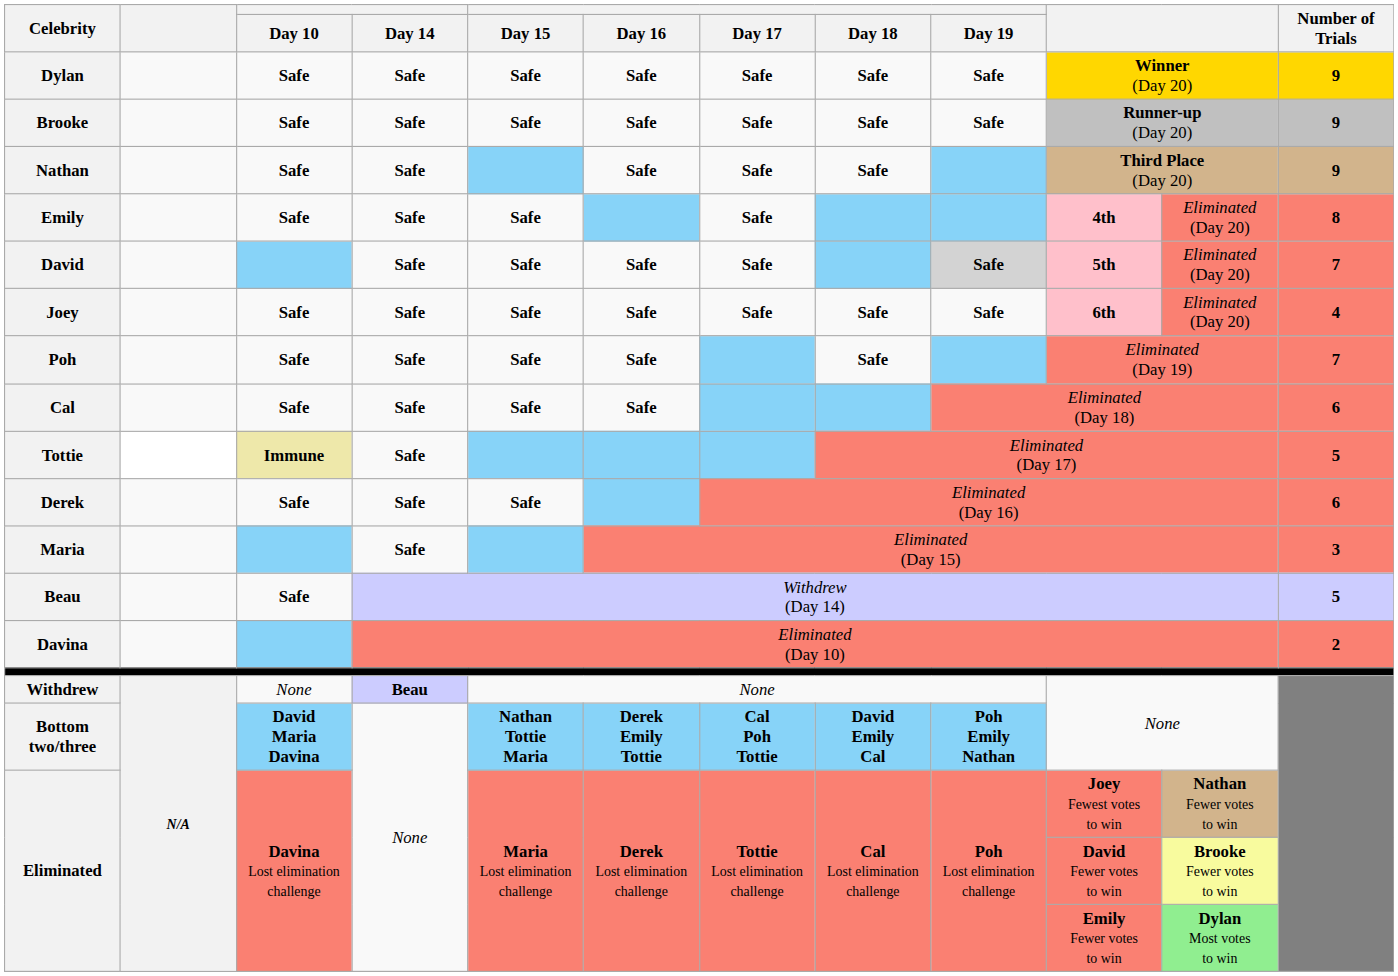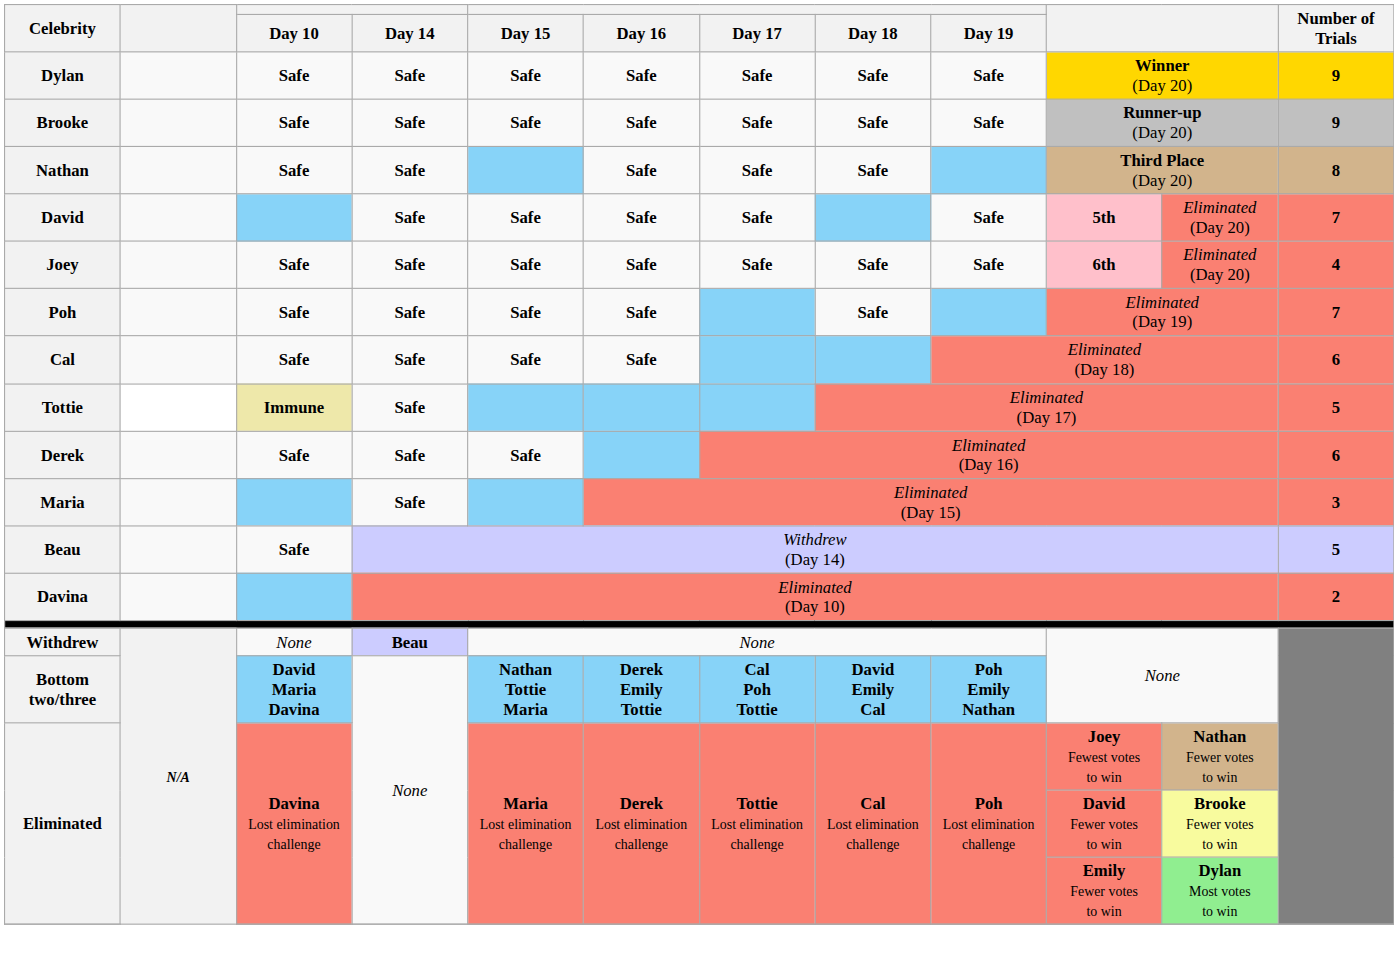 <table class="wikitable" style="text-align:center; font-size:95%; width:100%;">
 <tr>
 <th style="width:8%" rowspan=2>Celebrity</th>
 <th rowspan="2" style="width:8%"></th>
 <th colspan="2" style="width:8%"></th>
 <th colspan="5" style="width:8%"></th>
 <th rowspan="2" colspan="2" style="width:16%"></th>
 <th rowspan="2" style="width:8%">Number of Trials</th>
 </tr>
 <tr>
 <th style="width:8%">Day 10</th>
 <th style="width:8%">Day 14</th>
 <th style="width:8%">Day 15</th>
 <th style="width:8%">Day 16</th>
 <th style="width:8%">Day 17</th>
 <th style="width:8%">Day 18</th>
 <th style="width:8%">Day 19</th>
 </tr>
 <tr>
 <th>Dylan</th>
 <td></td>
 <td><strong>Safe</strong></td>
 <td><strong>Safe</strong></td>
 <td><strong>Safe</strong></td>
 <td><strong>Safe</strong></td>
 <td><strong>Safe</strong></td>
 <td><strong>Safe</strong></td>
 <td><strong>Safe</strong></td>
 <td style="background:gold" colspan=2><strong>Winner</strong><br>(Day 20)</td>
 <td style=background:gold><strong>9</strong></td>
 </tr>
 <tr>
 <th>Brooke</th>
 <td></td>
 <td><strong>Safe</strong></td>
 <td><strong>Safe</strong></td>
 <td><strong>Safe</strong></td>
 <td><strong>Safe</strong></td>
 <td><strong>Safe</strong></td>
 <td><strong>Safe</strong></td>
 <td><strong>Safe</strong></td>
 <td style="background:silver" colspan=2><strong>Runner-up</strong><br>(Day 20)</td>
 <td style=background:silver><strong>9</strong></td>
 </tr>
 <tr>
 <th>Nathan</th>
 <td></td>
 <td><strong>Safe</strong></td>
 <td><strong>Safe</strong></td>
 <td style="background:#87D3F8"></td>
 <td><strong>Safe</strong></td>
 <td><strong>Safe</strong></td>
 <td><strong>Safe</strong></td>
 <td style="background:#87D3F8"></td>
 <td style="background:tan" colspan=2><strong>Third Place</strong><br>(Day 20)</td>
-<td style=background:tan><strong>9</strong></td>
-</tr>
-<tr>
-<th>Emily</th>
-<td></td>
-<td><strong>Safe</strong></td>
-<td><strong>Safe</strong></td>
-<td><strong>Safe</strong></td>
-<td style="background:#87D3F8"></td>
-<td><strong>Safe</strong></td>
-<td style="background:#87D3F8"></td>
-<td style="background:#87D3F8"></td>
-<td style=background:pink><strong>4th</strong></td>
-<td style=background:salmon><em>Eliminated</em><br>(Day 20)</td>
-<td style=background:salmon><strong>8</strong></td>
+<td style=background:tan><strong>8</strong></td>
 </tr>
 <tr>
 <th>David</th>
 <td></td>
 <td style="background:#87D3F8"></td>
 <td><strong>Safe</strong></td>
 <td><strong>Safe</strong></td>
 <td><strong>Safe</strong></td>
 <td><strong>Safe</strong></td>
 <td style="background:#87D3F8"></td>
-<td style="background: lightgrey;"><strong>Safe</strong></td>
+<td><strong>Safe</strong></td>
 <td style=background:pink><strong>5th</strong></td>
 <td style=background:salmon><em>Eliminated</em><br>(Day 20)</td>
 <td style=background:salmon><strong>7</strong></td>
 </tr>
 <tr>
 <th>Joey</th>
 <td></td>
 <td><strong>Safe</strong></td>
 <td><strong>Safe</strong></td>
 <td><strong>Safe</strong></td>
 <td><strong>Safe</strong></td>
 <td><strong>Safe</strong></td>
 <td><strong>Safe</strong></td>
 <td><strong>Safe</strong></td>
 <td style=background:pink><strong>6th</strong></td>
 <td style=background:salmon><em>Eliminated</em><br>(Day 20)</td>
 <td style=background:salmon><strong>4</strong></td>
 </tr>
 <tr>
 <th>Poh</th>
 <td></td>
 <td><strong>Safe</strong></td>
 <td><strong>Safe</strong></td>
 <td><strong>Safe</strong></td>
 <td><strong>Safe</strong></td>
 <td style="background:#87D3F8"></td>
 <td><strong>Safe</strong></td>
 <td style="background:#87D3F8"></td>
 <td colspan="2" style=background:salmon><em>Eliminated</em><br>(Day 19)</td>
 <td style=background:salmon><strong>7</strong></td>
 </tr>
 <tr>
 <th>Cal</th>
 <td></td>
 <td><strong>Safe</strong></td>
 <td><strong>Safe</strong></td>
 <td><strong>Safe</strong></td>
 <td><strong>Safe</strong></td>
 <td style="background:#87D3F8"></td>
 <td style="background:#87D3F8"></td>
 <td colspan="3" style=background:salmon><em>Eliminated</em><br>(Day 18)</td>
 <td style=background:salmon><strong>6</strong></td>
 </tr>
 <tr>
 <th>Tottie</th>
 <td style=background:white; colspan="1"><em></em></td>
 <td bgcolor=#EEE8AA><strong>Immune</strong></td>
 <td><strong>Safe</strong></td>
 <td style="background:#87D3F8"></td>
 <td style="background:#87D3F8"></td>
 <td style="background:#87D3F8"></td>
 <td colspan="4" style=background:salmon><em>Eliminated</em><br>(Day 17)</td>
 <td style=background:salmon><strong>5</strong></td>
 </tr>
 <tr>
 <th>Derek</th>
 <td></td>
 <td><strong>Safe</strong></td>
 <td><strong>Safe</strong></td>
 <td><strong>Safe</strong></td>
 <td style="background:#87D3F8"></td>
 <td colspan="5" style=background:salmon><em>Eliminated</em><br>(Day 16)</td>
 <td style=background:salmon><strong>6</strong></td>
 </tr>
 <tr>
 <th>Maria</th>
 <td></td>
 <td style="background:#87D3F8"></td>
 <td><strong>Safe</strong></td>
 <td style="background:#87D3F8"></td>
 <td colspan="6" style=background:salmon><em>Eliminated</em><br>(Day 15)</td>
 <td style=background:salmon><strong>3</strong></td>
 </tr>
 <tr>
 <th>Beau</th>
 <td></td>
 <td><strong>Safe</strong></td>
 <td style="background:#ccf; text-align:center;" colspan="8"><em>Withdrew</em><br>(Day 14)</td>
 <td style=background:#ccf><strong>5</strong></td>
 </tr>
 <tr>
 <th>Davina</th>
 <td></td>
 <td style="background:#87D3F8"></td>
 <td colspan="8" style=background:salmon><em>Eliminated</em><br>(Day 10)</td>
 <td style=background:salmon><strong>2</strong></td>
 </tr>
 <tr>
 <td style="background:#000;" colspan="12"></td>
 </tr>
 <tr>
 <th>Withdrew</th>
 <th rowspan="6"; colspan="1"><small><em>N/A</em></small></th>
 <td colspan="1"><em>None</em></td>
 <th style="background:#ccf">Beau</th>
 <td colspan="5"><em>None</em></td>
 <td rowspan="2"; colspan="2"><em>None</em></td>
 <th style=background:grey rowspan=5></th>
 </tr>
 <tr>
 <th>Bottom two/three</th>
 <th style="background:#87D3F8">David<br>Maria<br>Davina</th>
 <td rowspan="4"><em>None</em></td>
 <th style="background:#87D3F8">Nathan<br>Tottie<br>Maria</th>
 <th style="background:#87D3F8">Derek<br>Emily<br>Tottie</th>
 <th style="background:#87D3F8">Cal<br>Poh<br>Tottie</th>
 <th style="background:#87D3F8">David<br>Emily<br>Cal</th>
 <th style="background:#87D3F8">Poh<br>Emily<br>Nathan</th>
 </tr>
 <tr>
 <th rowspan="3">Eliminated</th>
 <td style=background:salmon rowspan="3"><strong>Davina</strong><br><small>Lost elimination<br>challenge</small></td>
 <td style=background:salmon rowspan="3"><strong>Maria</strong><br><small>Lost elimination<br>challenge</small></td>
 <td style=background:salmon rowspan="3"><strong>Derek</strong><br><small>Lost elimination<br>challenge</small></td>
 <td style=background:salmon rowspan="3"><strong>Tottie</strong><br><small>Lost elimination<br>challenge</small></td>
 <td style=background:salmon rowspan="3"><strong>Cal</strong><br><small>Lost elimination<br>challenge</small></td>
 <td style=background:salmon rowspan="3"><strong>Poh</strong><br><small>Lost elimination<br>challenge</small></td>
 <td style=background:salmon rowspan="1"><strong>Joey</strong><br><small>Fewest votes<br>to win</small></td>
 <td style="background:tan" rowspan="1"><strong>Nathan</strong><br><small>Fewer votes<br>to win</small></td>
 </tr>
 <tr>
 <td style=background:salmon rowspan="1"><strong>David</strong><br><small>Fewer votes<br>to win</small></td>
 <td style="background:#F8FB9E" rowspan="1"><strong>Brooke</strong><br><small>Fewer votes<br>to win</small></td>
 </tr>
 <tr>
 <td style=background:salmon rowspan="1"><strong>Emily</strong><br><small>Fewer votes<br>to win</small></td>
 <td style="background:lightgreen" rowspan="1"><strong>Dylan</strong><br><small>Most votes<br>to win</small></td>
 </tr>
 <tr>
 </tr>
 </table>
